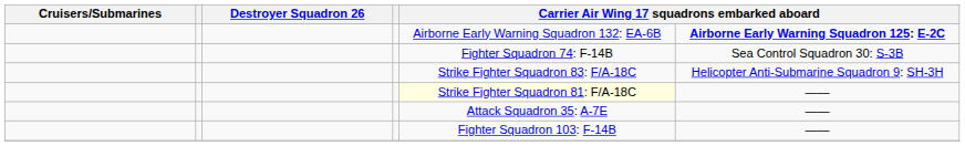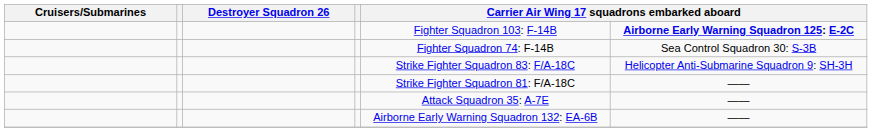 <table class="wikitable" style="text-align:center" width=99%>
 <tr>
 <th colspan="1" width="20%" align="center">Cruisers/Submarines</th>
 <th colspan="1" width="0%" align="center"></th>
 <th colspan="1" width="20%" align="center"><a href='#'>Destroyer Squadron 26</a></th>
 <th colspan="1" width="0%" align="center"></th>
 <th colspan="2" align="center"><a href='#'>Carrier Air Wing 17</a> squadrons embarked aboard </th>
 </tr>
 <tr>
 <td></td>
 <td></td>
 <td></td>
 <td></td>
-<td><a href='#'>Airborne Early Warning Squadron 132</a>: <a href='#'>EA-6B</a></td>
+<td><a href='#'>Fighter Squadron 103</a>: <a href='#'>F-14B</a></td>
 <td><strong><a href='#'>Airborne Early Warning Squadron 125</a>: <a href='#'>E-2C</a></strong></td>
 </tr>
 <tr>
 <td></td>
 <td></td>
 <td></td>
 <td></td>
 <td><a href='#'>Fighter Squadron 74</a>:  F-14B</td>
 <td>Sea Control Squadron 30: <a href='#'>S-3B</a></td>
 </tr>
 <tr>
 <td></td>
 <td></td>
 <td></td>
 <td></td>
 <td><a href='#'>Strike Fighter Squadron 83</a>: <a href='#'>F/A-18C</a></td>
 <td><a href='#'>Helicopter Anti-Submarine Squadron 9</a>: <a href='#'>SH-3H</a></td>
 </tr>
 <tr>
 <td></td>
 <td></td>
 <td></td>
 <td></td>
-<td style="background: lightyellow;"><a href='#'>Strike Fighter Squadron 81</a>:  F/A-18C</td>
+<td><a href='#'>Strike Fighter Squadron 81</a>:  F/A-18C</td>
 <td>——</td>
 </tr>
 <tr>
 <td></td>
 <td></td>
 <td></td>
 <td></td>
 <td><a href='#'>Attack Squadron 35</a>: <a href='#'>A-7E</a></td>
 <td>——</td>
 </tr>
 <tr>
 <td></td>
 <td></td>
 <td></td>
 <td></td>
-<td><a href='#'>Fighter Squadron 103</a>: <a href='#'>F-14B</a></td>
+<td><a href='#'>Airborne Early Warning Squadron 132</a>: <a href='#'>EA-6B</a></td>
 <td>——</td>
 </tr>
 <tr>
 </tr>
 </table>
